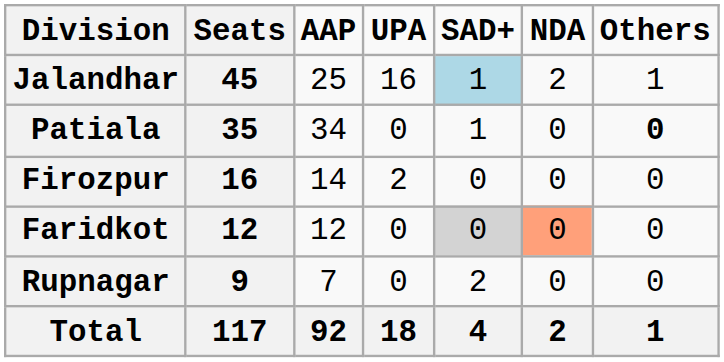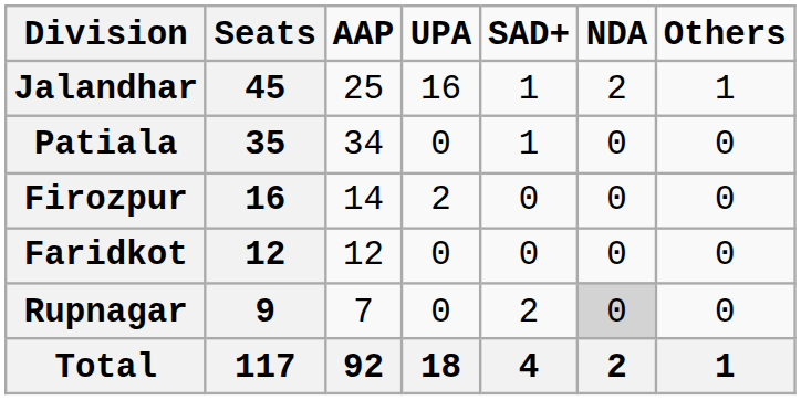 <table class="wikitable sortable" style="text-align:center;">
 <tr>
 <th>Division</th>
 <th>Seats</th>
 <td><span><strong>AAP</strong></span></td>
 <td><span><strong>UPA</strong></span></td>
 <td><span><strong>SAD+</strong></span></td>
 <td><span><strong>NDA</strong></span></td>
 <td><span><strong>Others</strong></span></td>
 </tr>
 <tr>
 <th>Jalandhar</th>
 <th>45</th>
 <td style="background:">25</td>
 <td>16</td>
-<td style="background: lightblue;">1</td>
+<td>1</td>
 <td>2</td>
 <td>1</td>
 </tr>
 <tr>
 <th>Patiala</th>
 <th>35</th>
 <td style="background:">34</td>
 <td>0</td>
 <td>1</td>
 <td>0</td>
-<td><strong>0</strong></td>
+<td>0</td>
 </tr>
 <tr>
 <th>Firozpur</th>
 <th>16</th>
 <td style="background:">14</td>
 <td>2</td>
 <td>0</td>
 <td>0</td>
 <td>0</td>
 </tr>
 <tr>
 <th>Faridkot</th>
 <th>12</th>
 <td style="background:">12</td>
 <td>0</td>
-<td style="background: lightgrey;">0</td>
-<td style="background: lightsalmon;">0</td>
+<td>0</td>
+<td>0</td>
 <td>0</td>
 </tr>
 <tr>
 <th>Rupnagar</th>
 <th>9</th>
 <td style="background:">7</td>
 <td>0</td>
 <td>2</td>
-<td>0</td>
+<td style="background: lightgrey;">0</td>
 <td>0</td>
 </tr>
 <tr>
 <th>Total</th>
 <th>117</th>
 <th>92</th>
 <th>18</th>
 <th>4</th>
 <th>2</th>
 <th>1</th>
 </tr>
 </table>
